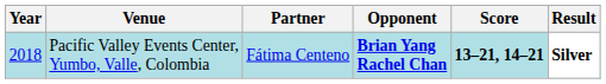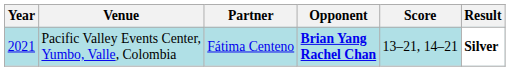 <table class="sortable wikitable" style="font-size: 90%">
 <tr>
 <th>Year</th>
 <th>Venue</th>
 <th>Partner</th>
 <th>Opponent</th>
 <th>Score</th>
 <th>Result</th>
 </tr>
 <tr style="background:#B0E0E6">
-<td align="center"><a href='#'>2018</a></td>
+<td align="center"><a href='#'>2021</a></td>
 <td align="left">Pacific Valley Events Center,<br><a href='#'>Yumbo, Valle</a>, Colombia</td>
 <td align="left"> <a href='#'>Fátima Centeno</a></td>
 <td align="left"><strong> <a href='#'>Brian Yang</a><br> <a href='#'>Rachel Chan</a></strong></td>
-<td align="left"><strong>13–21, 14–21</strong></td>
+<td align="left">13–21, 14–21</td>
 <td style="text-align:left; background:white"> <strong>Silver</strong></td>
 </tr>
 </table>
